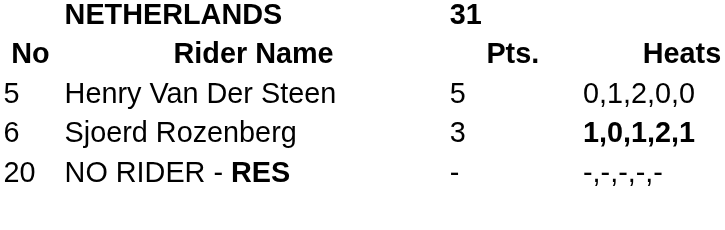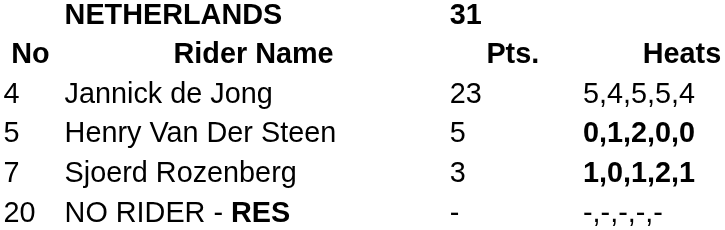 <table class="toccolours">
 <tr>
 <td></td>
 <td><strong>NETHERLANDS</strong></td>
 <td><strong>31</strong></td>
 </tr>
 <tr style="background-color:">
 <th width=30px>No</th>
 <th width=210px>Rider Name</th>
 <th width=70px>Pts.</th>
 <th width=110px>Heats</th>
 </tr>
 <tr style="background-color:">
+<td>4</td>
+<td>Jannick de Jong</td>
+<td>23</td>
+<td>5,4,5,5,4</td>
+</tr>
+<tr style="background-color:">
 <td>5</td>
 <td>Henry Van Der Steen</td>
 <td>5</td>
-<td>0,1,2,0,0</td>
+<td><strong>0,1,2,0,0</strong></td>
 </tr>
 <tr style="background-color:">
-<td>6</td>
+<td>7</td>
 <td>Sjoerd Rozenberg</td>
 <td>3</td>
 <td><strong>1,0,1,2,1</strong></td>
 </tr>
 <tr style="background-color:">
 <td>20</td>
 <td>NO RIDER - <strong>RES</strong></td>
 <td>-</td>
 <td>-,-,-,-,-</td>
 </tr>
 </table>
